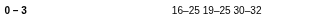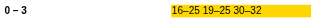 <table>
 <tr>
 <th width=200></th>
 <th width=80></th>
 <th width=200></th>
 <th width=220></th>
 </tr>
 <tr>
 <td align=right></td>
 <td align=center><strong>0 – 3</strong></td>
 <td><strong></strong></td>
-<td>16–25 19–25 30–32</td>
+<td style="background: gold;">16–25 19–25 30–32</td>
 </tr>
 </table>
